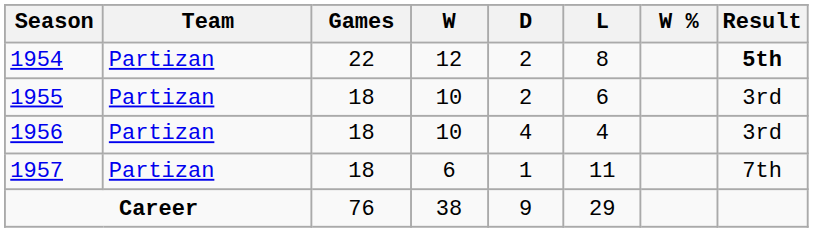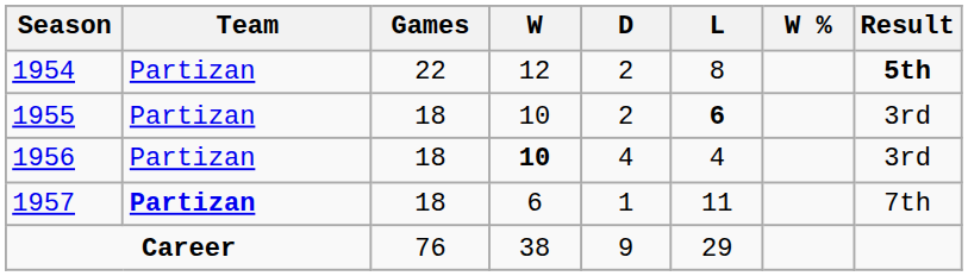 <table class="wikitable sortable" style="font-size:90%; text-align:center;">
 <tr>
 <th scope="col" style="width:4em">Season</th>
 <th scope="col" style="width:9em">Team</th>
 <th scope="col" style="width:4em">Games</th>
 <th scope="col" style="width:3em">W</th>
 <th scope="col" style="width:3em">D</th>
 <th scope="col" style="width:3em">L</th>
 <th scope="col" style="width:3em">W %</th>
 <th scope="col">Result</th>
 </tr>
 <tr>
 <td align="left"><a href='#'>1954</a></td>
 <td align="left"><a href='#'>Partizan</a></td>
 <td>22</td>
 <td>12</td>
 <td>2</td>
 <td>8</td>
 <td></td>
 <td align="center"><strong>5th</strong></td>
 </tr>
 <tr>
 <td align="left"><a href='#'>1955</a></td>
 <td align="left"><a href='#'>Partizan</a></td>
 <td>18</td>
 <td>10</td>
 <td>2</td>
-<td>6</td>
+<td><strong>6</strong></td>
 <td></td>
 <td align="center">3rd</td>
 </tr>
 <tr>
 <td align="left"><a href='#'>1956</a></td>
 <td align="left"><a href='#'>Partizan</a></td>
 <td>18</td>
-<td>10</td>
+<td><strong>10</strong></td>
 <td>4</td>
 <td>4</td>
 <td></td>
 <td align="center">3rd</td>
 </tr>
 <tr>
 <td align="left"><a href='#'>1957</a></td>
-<td align="left"><a href='#'>Partizan</a></td>
+<td align="left"><strong><a href='#'>Partizan</a></strong></td>
 <td>18</td>
 <td>6</td>
 <td>1</td>
 <td>11</td>
 <td></td>
 <td align="center">7th</td>
 </tr>
 <tr class="sortbottom">
 <td align="center" colspan=2><strong>Career</strong></td>
 <td>76</td>
 <td>38</td>
 <td>9</td>
 <td>29</td>
 <td></td>
 <td></td>
 </tr>
 </table>
